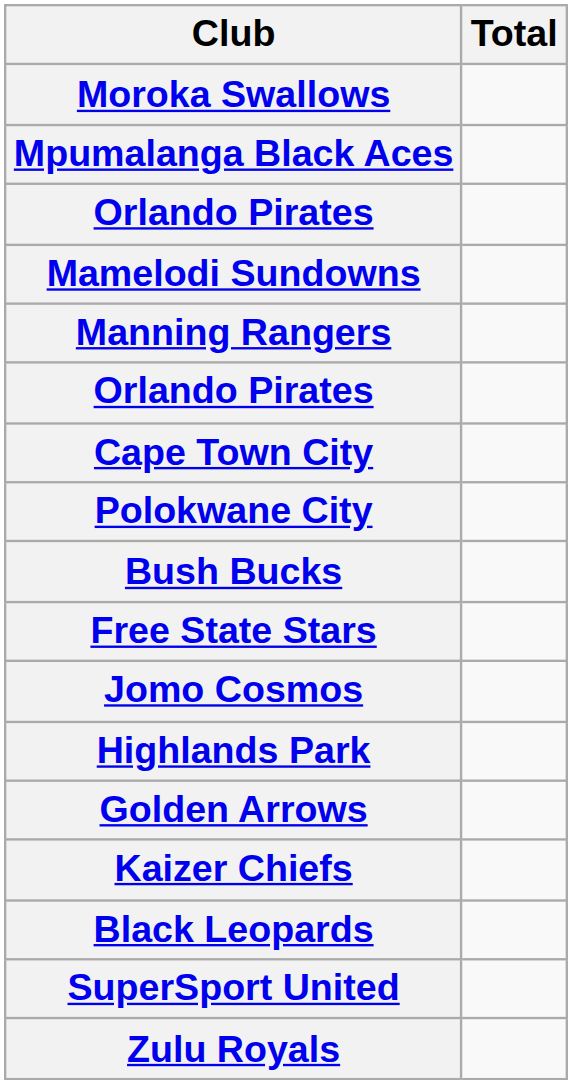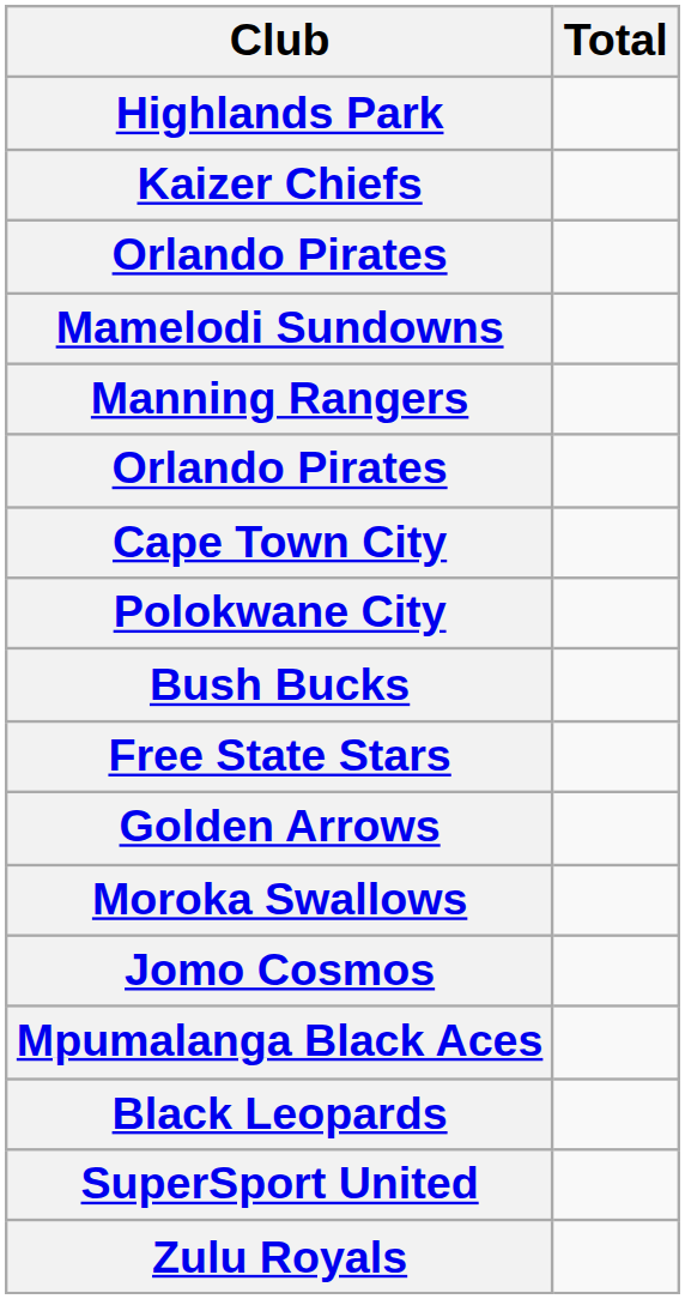 <table class="sortable wikitable plainrowheaders">
 <tr>
 <th scope="col">Club</th>
 <th scope="col">Total</th>
 </tr>
 <tr>
-<th scope="row"><a href='#'>Moroka Swallows</a></th>
+<th scope="row"><a href='#'>Highlands Park</a></th>
 <td align="center"></td>
 </tr>
 <tr>
-<th scope="row"><a href='#'>Mpumalanga Black Aces</a></th>
+<th scope="row"><a href='#'>Kaizer Chiefs</a></th>
 <td align="center"></td>
 </tr>
 <tr>
 <th scope="row"><a href='#'>Orlando Pirates</a></th>
 <td align="center"></td>
 </tr>
 <tr>
 <th scope="row"><a href='#'>Mamelodi Sundowns</a></th>
 <td align="center"></td>
 </tr>
 <tr>
 <th scope="row"><a href='#'>Manning Rangers</a></th>
 <td align="center"></td>
 </tr>
 <tr>
 <th scope="row"><a href='#'>Orlando Pirates</a></th>
 <td align="center"></td>
 </tr>
 <tr>
 <th scope="row"><a href='#'>Cape Town City</a></th>
 <td align="center"></td>
 </tr>
 <tr>
 <th scope="row"><a href='#'>Polokwane City</a></th>
 <td align="center"></td>
 </tr>
 <tr>
 <th scope="row"><a href='#'>Bush Bucks</a></th>
 <td align="center"></td>
 </tr>
 <tr>
 <th scope="row"><a href='#'>Free State Stars</a></th>
 <td align="center"></td>
 </tr>
 <tr>
+<th scope="row"><a href='#'>Golden Arrows</a></th>
+<td align="center"></td>
+</tr>
+<tr>
+<th scope="row"><a href='#'>Moroka Swallows</a></th>
+<td align="center"></td>
+</tr>
+<tr>
 <th scope="row"><a href='#'>Jomo Cosmos</a></th>
 <td align="center"></td>
 </tr>
 <tr>
-<th scope="row"><a href='#'>Highlands Park</a></th>
-<td align="center"></td>
-</tr>
-<tr>
-<th scope="row"><a href='#'>Golden Arrows</a></th>
-<td align="center"></td>
-</tr>
-<tr>
-<th scope="row"><a href='#'>Kaizer Chiefs</a></th>
+<th scope="row"><a href='#'>Mpumalanga Black Aces</a></th>
 <td align="center"></td>
 </tr>
 <tr>
 <th scope="row"><a href='#'>Black Leopards</a></th>
 <td align="center"></td>
 </tr>
 <tr>
 <th scope="row"><a href='#'>SuperSport United</a></th>
 <td align="center"></td>
 </tr>
 <tr>
 <th scope="row"><a href='#'>Zulu Royals</a></th>
 <td align="center"></td>
 </tr>
 </table>
